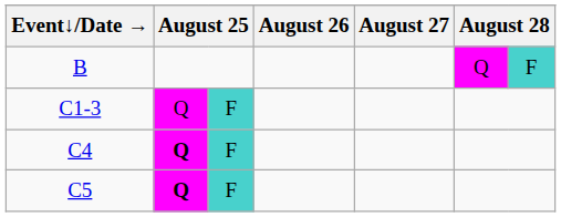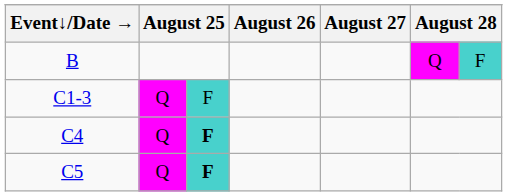 <table class="wikitable" style="margin:0.5em auto; font-size:95%; line-height:1.50em;">
 <tr align="center">
 </tr>
 <tr>
 </tr>
 <tr>
 <th>Event↓/Date →</th>
 <th colspan="2">August 25</th>
 <th>August 26</th>
 <th>August 27</th>
 <th colspan="2">August 28</th>
 </tr>
 <tr align="center">
 <td class="event"><a href='#'>B</a></td>
 <td colspan="2"></td>
 <td></td>
 <td></td>
 <td bgcolor="#FF00FF" align=center>Q</td>
 <td bgcolor="#48D1CC" align=center>F</td>
 </tr>
 <tr align="center">
 <td class="event"><a href='#'>C1-3</a></td>
 <td bgcolor="#FF00FF" align=center>Q</td>
 <td bgcolor="#48D1CC" align=center>F</td>
 <td></td>
 <td></td>
 <td colspan="2"></td>
 </tr>
 <tr align="center">
 <td class="event"><a href='#'>C4</a></td>
-<td bgcolor="#FF00FF" align=center><strong>Q</strong></td>
-<td bgcolor="#48D1CC" align=center>F</td>
+<td bgcolor="#FF00FF" align=center>Q</td>
+<td bgcolor="#48D1CC" align=center><strong>F</strong></td>
 <td></td>
 <td></td>
 <td colspan="2"></td>
 </tr>
 <tr align="center">
 <td class="event"><a href='#'>C5</a></td>
-<td bgcolor="#FF00FF" align=center><strong>Q</strong></td>
-<td bgcolor="#48D1CC" align=center>F</td>
+<td bgcolor="#FF00FF" align=center>Q</td>
+<td bgcolor="#48D1CC" align=center><strong>F</strong></td>
 <td></td>
 <td></td>
 <td colspan="2"></td>
 </tr>
 </table>
